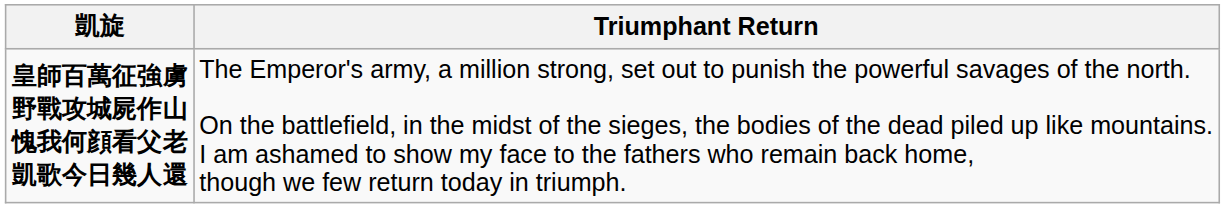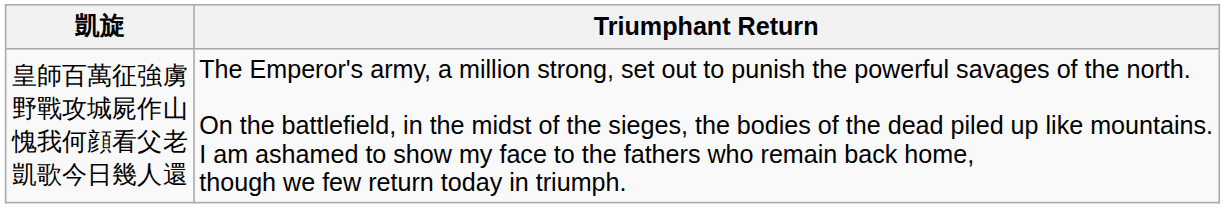 <table class="wikitable" style="margin:auto">
 <tr>
 <th>凱旋</th>
 <th>Triumphant Return</th>
 </tr>
 <tr>
-<td align=left><strong>皇師百萬征強虜<br>野戰攻城屍作山<br>愧我何顔看父老<br>凱歌今日幾人還</strong></td>
+<td align=left>皇師百萬征強虜<br>野戰攻城屍作山<br>愧我何顔看父老<br>凱歌今日幾人還</td>
 <td align=left>The Emperor's army, a million strong, set out to punish the powerful savages of the north.<br><br>On the battlefield, in the midst of the sieges, the bodies of the dead piled up like mountains.<br> I am ashamed to show my face to the fathers who remain back home,<br> though we few return today in triumph.</td>
 </tr>
 </table>
